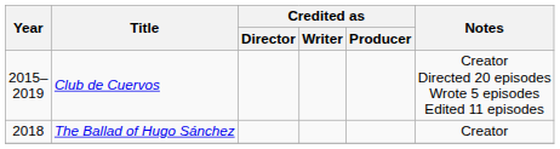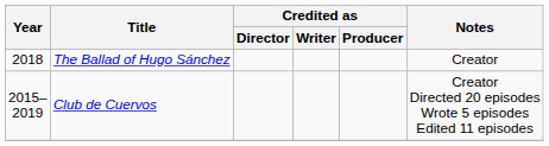 <table class="wikitable sortable" style="text-align:center">
 <tr>
 <th rowspan="2" style="width:33px;">Year</th>
 <th rowspan="2">Title</th>
 <th colspan="3">Credited as</th>
 <th rowspan="2">Notes</th>
 </tr>
 <tr>
 <th>Director</th>
 <th>Writer</th>
 <th>Producer</th>
 </tr>
 <tr>
+<td>2018</td>
+<td style="text-align:left"><em><a href='#'>The Ballad of Hugo Sánchez</a></em></td>
+<td></td>
+<td></td>
+<td></td>
+<td>Creator</td>
+</tr>
+<tr>
 <td>2015–2019</td>
 <td style="text-align:left"><em><a href='#'>Club de Cuervos</a></em></td>
 <td></td>
 <td></td>
 <td></td>
 <td>Creator<br>Directed 20 episodes<br>Wrote 5 episodes<br>Edited 11 episodes</td>
 </tr>
 <tr>
-<td>2018</td>
-<td style="text-align:left"><em><a href='#'>The Ballad of Hugo Sánchez</a></em></td>
-<td></td>
-<td></td>
-<td></td>
-<td>Creator</td>
-</tr>
-<tr>
 </tr>
 </table>
